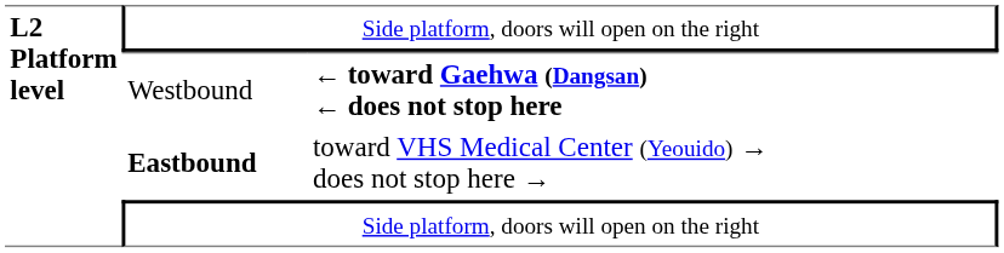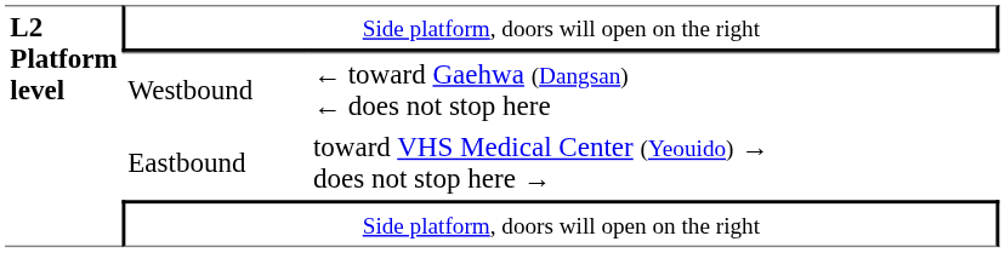 <table table border=0 cellspacing=0 cellpadding=3>
 <tr>
 <td style="border-top:solid 1px gray;border-bottom:solid 1px gray;" width=50 rowspan=10 valign=top><strong>L2<br>Platform level</strong></td>
 <td style="border-top:solid 1px gray;border-right:solid 2px black;border-left:solid 2px black;border-bottom:solid 2px black;text-align:center;" colspan=2><small><a href='#'>Side platform</a>, doors will open on the right </small></td>
 </tr>
 <tr>
 <td style="border-bottom:solid 0px gray;border-top:solid 1px gray;" width=100>Westbound</td>
-<td style="border-bottom:solid 0px gray;border-top:solid 1px gray;" width=390><strong>←  toward <a href='#'>Gaehwa</a> <small>(<a href='#'>Dangsan</a>)</small><br>← <span> does not stop here</span></strong></td>
+<td style="border-bottom:solid 0px gray;border-top:solid 1px gray;" width=390>←  toward <a href='#'>Gaehwa</a> <small>(<a href='#'>Dangsan</a>)</small><br>← <span> does not stop here</span></td>
 </tr>
 <tr>
-<td><strong>Eastbound</strong></td>
+<td>Eastbound</td>
 <td>  toward <a href='#'>VHS Medical Center</a> <small>(<a href='#'>Yeouido</a>)</small> →<br>  does not stop here →</td>
 </tr>
 <tr>
 <td style="border-top:solid 2px black;border-right:solid 2px black;border-left:solid 2px black;border-bottom:solid 1px gray;text-align:center;" colspan=2><small><a href='#'>Side platform</a>, doors will open on the right </small></td>
 </tr>
 </table>
